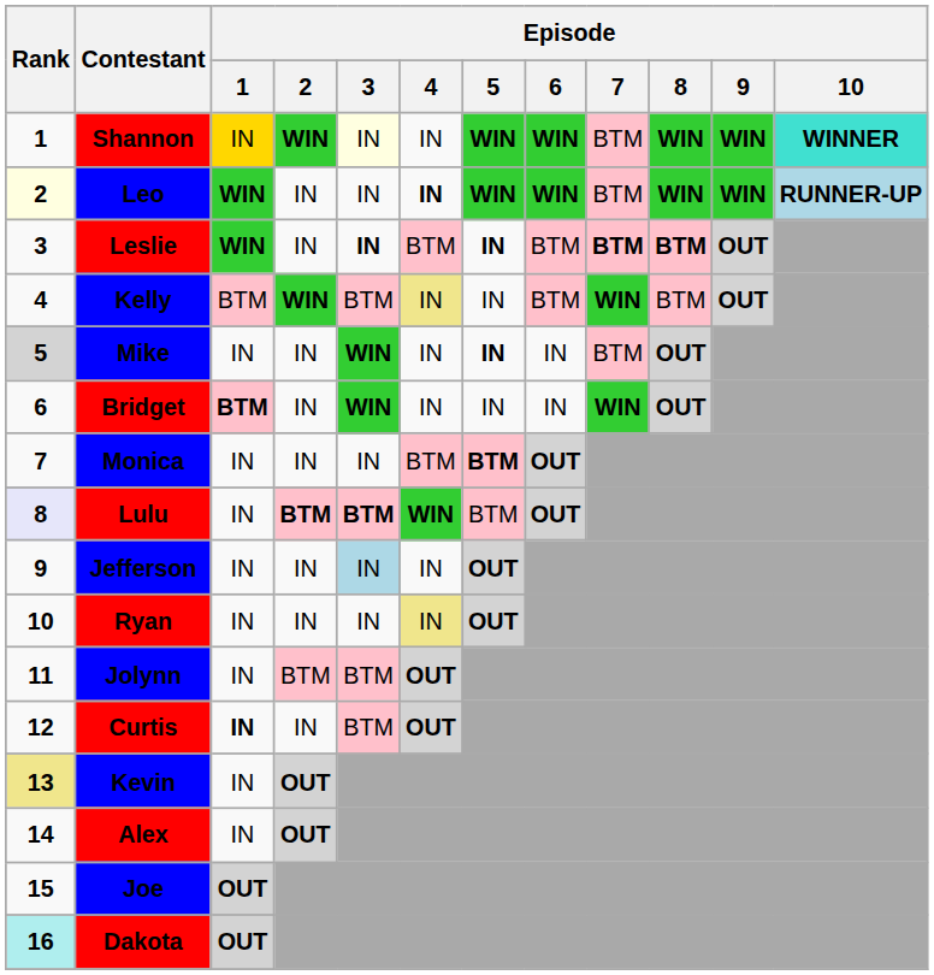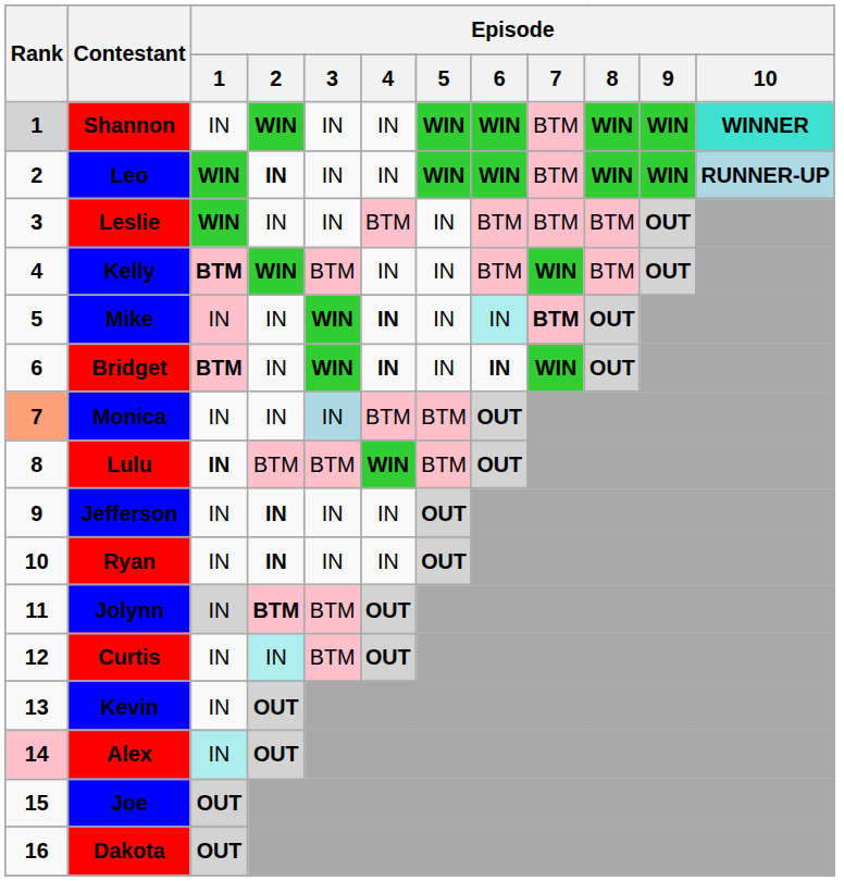 <table class="wikitable" style="text-align: center; font-size: 8.5pt; line-height:20px;">
 <tr>
 <th rowspan="2">Rank</th>
 <th rowspan="2">Contestant</th>
 <th colspan="10">Episode</th>
 </tr>
 <tr>
 <th>1</th>
 <th>2</th>
 <th>3</th>
 <th>4</th>
 <th>5</th>
 <th>6</th>
 <th>7</th>
 <th>8</th>
 <th>9</th>
 <th>10</th>
 </tr>
 <tr>
-<td><strong>1</strong></td>
+<td style="background: lightgrey;"><strong>1</strong></td>
 <td style="background:red"><span><strong>Shannon</strong></span></td>
-<td style="background: gold;">IN</td>
+<td>IN</td>
 <td style="background:limegreen;"><strong>WIN</strong></td>
-<td style="background: lightyellow;">IN</td>
+<td>IN</td>
 <td>IN</td>
 <td style="background:limegreen;"><strong>WIN</strong></td>
 <td style="background:limegreen;"><strong>WIN</strong></td>
 <td style="background:pink;">BTM</td>
 <td style="background:limegreen;"><strong>WIN</strong></td>
 <td style="background:limegreen;"><strong>WIN</strong></td>
 <td style="background:turquoise"><strong>WINNER</strong></td>
 </tr>
 <tr>
-<td style="background: lightyellow;"><strong>2</strong></td>
+<td><strong>2</strong></td>
 <td style="background:blue"><span><strong>Leo</strong></span></td>
 <td style="background:limegreen;"><strong>WIN</strong></td>
+<td><strong>IN</strong></td>
 <td>IN</td>
 <td>IN</td>
-<td><strong>IN</strong></td>
 <td style="background:limegreen;"><strong>WIN</strong></td>
 <td style="background:limegreen;"><strong>WIN</strong></td>
 <td style="background:pink;">BTM</td>
 <td style="background:limegreen;"><strong>WIN</strong></td>
 <td style="background:limegreen;"><strong>WIN</strong></td>
 <td style="background:lightblue"><strong>RUNNER-UP</strong></td>
 </tr>
 <tr>
 <td><strong>3</strong></td>
 <td style="background:red"><span><strong>Leslie</strong></span></td>
 <td style="background:limegreen;"><strong>WIN</strong></td>
 <td>IN</td>
-<td><strong>IN</strong></td>
+<td>IN</td>
 <td style="background:pink;">BTM</td>
-<td><strong>IN</strong></td>
+<td>IN</td>
 <td style="background:pink;">BTM</td>
-<td style="background:pink;"><strong>BTM</strong></td>
-<td style="background:pink;"><strong>BTM</strong></td>
+<td style="background:pink;">BTM</td>
+<td style="background:pink;">BTM</td>
 <td style="background:lightgray;"><strong>OUT</strong></td>
 <td colspan="12" style="background:darkgrey;"></td>
 </tr>
 <tr>
 <td><strong>4</strong></td>
 <td style="background:blue"><span><strong>Kelly</strong></span></td>
-<td style="background:pink;">BTM</td>
+<td style="background:pink;"><strong>BTM</strong></td>
 <td style="background:limegreen;"><strong>WIN</strong></td>
 <td style="background:pink;">BTM</td>
-<td style="background: khaki;">IN</td>
+<td>IN</td>
 <td>IN</td>
 <td style="background:pink;">BTM</td>
 <td style="background:limegreen;"><strong>WIN</strong></td>
 <td style="background:pink;">BTM</td>
 <td style="background:lightgray;"><strong>OUT</strong></td>
 <td colspan="12" style="background:darkgrey;"></td>
 </tr>
 <tr>
-<td style="background: lightgrey;"><strong>5</strong></td>
+<td><strong>5</strong></td>
 <td style="background:blue"><span><strong>Mike</strong></span></td>
-<td>IN</td>
+<td style="background: pink;">IN</td>
 <td>IN</td>
 <td style="background:limegreen;"><strong>WIN</strong></td>
-<td>IN</td>
 <td><strong>IN</strong></td>
 <td>IN</td>
-<td style="background:pink;">BTM</td>
+<td style="background: paleturquoise;">IN</td>
+<td style="background:pink;"><strong>BTM</strong></td>
 <td style="background:lightgray;"><strong>OUT</strong></td>
 <td colspan="12" style="background:darkgrey;"></td>
 </tr>
 <tr>
 <td><strong>6</strong></td>
 <td style="background:red"><span><strong>Bridget</strong></span></td>
 <td style="background:pink;"><strong>BTM</strong></td>
 <td>IN</td>
 <td style="background:limegreen;"><strong>WIN</strong></td>
+<td><strong>IN</strong></td>
 <td>IN</td>
-<td>IN</td>
-<td>IN</td>
+<td><strong>IN</strong></td>
 <td style="background:limegreen;"><strong>WIN</strong></td>
 <td style="background:lightgray;"><strong>OUT</strong></td>
 <td colspan="12" style="background:darkgrey;"></td>
 </tr>
 <tr>
-<td><strong>7</strong></td>
+<td style="background: lightsalmon;"><strong>7</strong></td>
 <td style="background:blue"><span><strong>Monica</strong></span></td>
 <td>IN</td>
 <td>IN</td>
-<td>IN</td>
+<td style="background: lightblue;">IN</td>
 <td style="background:pink;">BTM</td>
-<td style="background:pink;"><strong>BTM</strong></td>
+<td style="background:pink;">BTM</td>
 <td style="background:lightgray;"><strong>OUT</strong></td>
 <td colspan="12" style="background:darkgrey;"></td>
 </tr>
 <tr>
-<td style="background: lavender;"><strong>8</strong></td>
+<td><strong>8</strong></td>
 <td style="background:red"><span><strong>Lulu</strong></span></td>
-<td>IN</td>
-<td style="background:pink;"><strong>BTM</strong></td>
-<td style="background:pink;"><strong>BTM</strong></td>
+<td><strong>IN</strong></td>
+<td style="background:pink;">BTM</td>
+<td style="background:pink;">BTM</td>
 <td style="background:limegreen;"><strong>WIN</strong></td>
 <td style="background:pink;">BTM</td>
 <td style="background:lightgray;"><strong>OUT</strong></td>
 <td colspan="12" style="background:darkgrey;"></td>
 </tr>
 <tr>
 <td><strong>9</strong></td>
 <td style="background:blue"><span><strong>Jefferson</strong></span></td>
 <td>IN</td>
+<td><strong>IN</strong></td>
 <td>IN</td>
-<td style="background: lightblue;">IN</td>
 <td>IN</td>
 <td style="background:lightgray;"><strong>OUT</strong></td>
 <td colspan="12" style="background:darkgrey;"></td>
 </tr>
 <tr>
 <td><strong>10</strong></td>
 <td style="background:red"><span><strong>Ryan</strong></span></td>
 <td>IN</td>
+<td><strong>IN</strong></td>
 <td>IN</td>
 <td>IN</td>
-<td style="background: khaki;">IN</td>
 <td style="background:lightgray;"><strong>OUT</strong></td>
 <td colspan="12" style="background:darkgrey;"></td>
 </tr>
 <tr>
 <td><strong>11</strong></td>
 <td style="background:blue"><span><strong>Jolynn</strong></span></td>
-<td>IN</td>
-<td style="background:pink;">BTM</td>
+<td style="background: lightgrey;">IN</td>
+<td style="background:pink;"><strong>BTM</strong></td>
 <td style="background:pink;">BTM</td>
 <td style="background:lightgray;"><strong>OUT</strong></td>
 <td colspan="12" style="background:darkgrey;"></td>
 </tr>
 <tr>
 <td><strong>12</strong></td>
 <td style="background:red"><span><strong>Curtis</strong></span></td>
-<td><strong>IN</strong></td>
 <td>IN</td>
+<td style="background: paleturquoise;">IN</td>
 <td style="background:pink;">BTM</td>
 <td style="background:lightgray;"><strong>OUT</strong></td>
 <td colspan="12" style="background:darkgrey;"></td>
 </tr>
 <tr>
-<td style="background: khaki;"><strong>13</strong></td>
+<td><strong>13</strong></td>
 <td style="background:blue"><span><strong>Kevin</strong></span></td>
 <td>IN</td>
 <td style="background:lightgray;"><strong>OUT</strong></td>
 <td colspan="12" style="background:darkgrey;"></td>
 </tr>
 <tr>
-<td><strong>14</strong></td>
+<td style="background: pink;"><strong>14</strong></td>
 <td style="background:red"><span><strong>Alex</strong></span></td>
-<td>IN</td>
+<td style="background: paleturquoise;">IN</td>
 <td style="background:lightgray;"><strong>OUT</strong></td>
 <td colspan="12" style="background:darkgrey;"></td>
 </tr>
 <tr>
 <td><strong>15</strong></td>
 <td style="background:blue"><span><strong>Joe</strong></span></td>
 <td style="background:lightgray;"><strong>OUT</strong></td>
 <td colspan="12" style="background:darkgrey;"></td>
 </tr>
 <tr>
-<td style="background: paleturquoise;"><strong>16</strong></td>
+<td><strong>16</strong></td>
 <td style="background:red"><span><strong>Dakota</strong></span></td>
 <td style="background:lightgray;"><strong>OUT</strong></td>
 <td colspan="12" style="background:darkgrey;"></td>
 </tr>
 <tr>
 </tr>
 </table>
